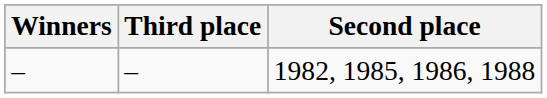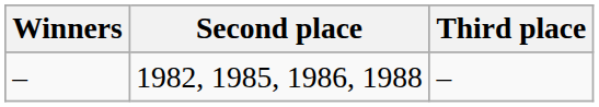 <table class="wikitable" border="1">
 <tr>
 <th>Winners</th>
+<th>Second place</th>
 <th>Third place</th>
-<th>Second place</th>
 </tr>
 <tr>
 <td>–</td>
+<td>1982, 1985, 1986, 1988</td>
 <td>–</td>
-<td>1982, 1985, 1986, 1988</td>
 </tr>
 </table>
